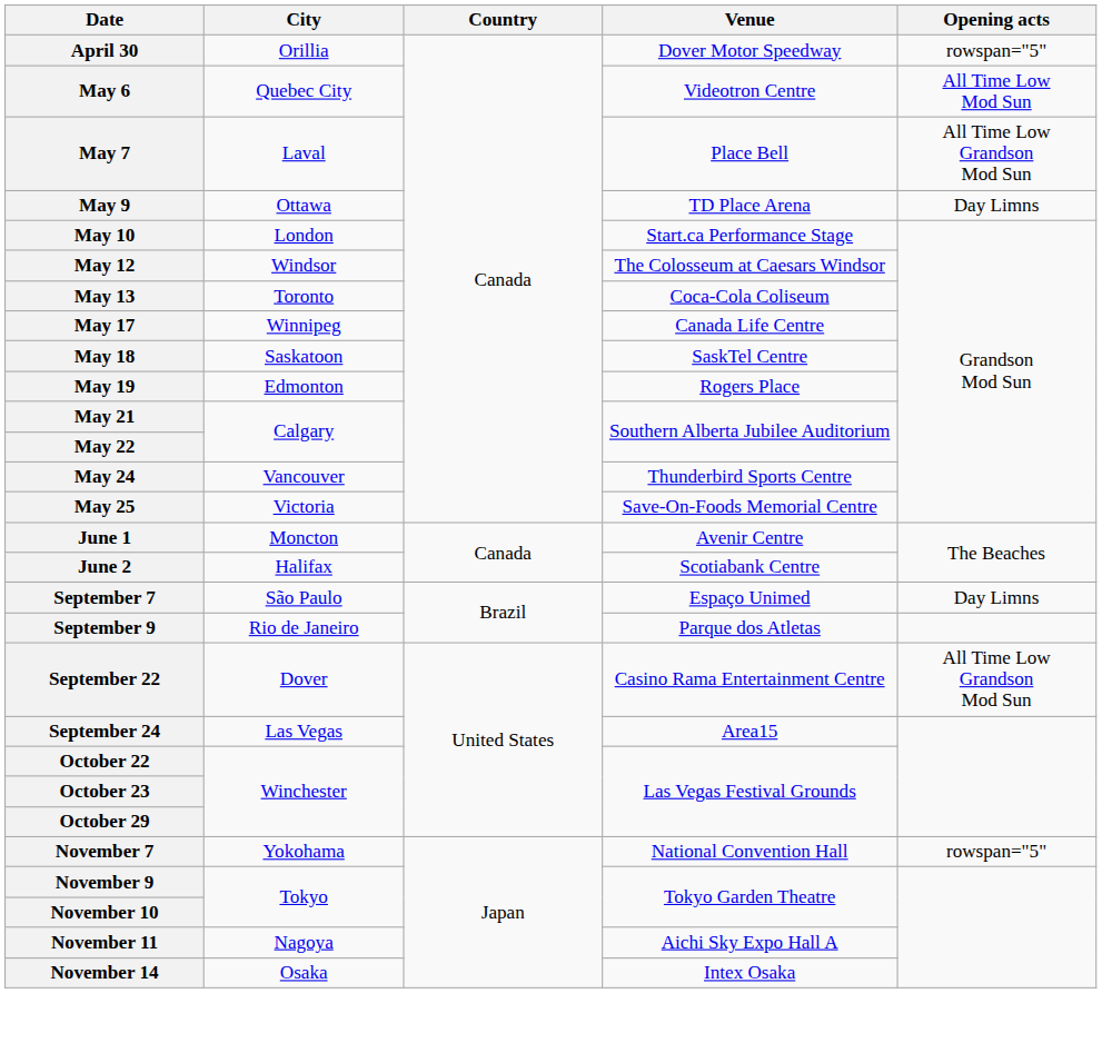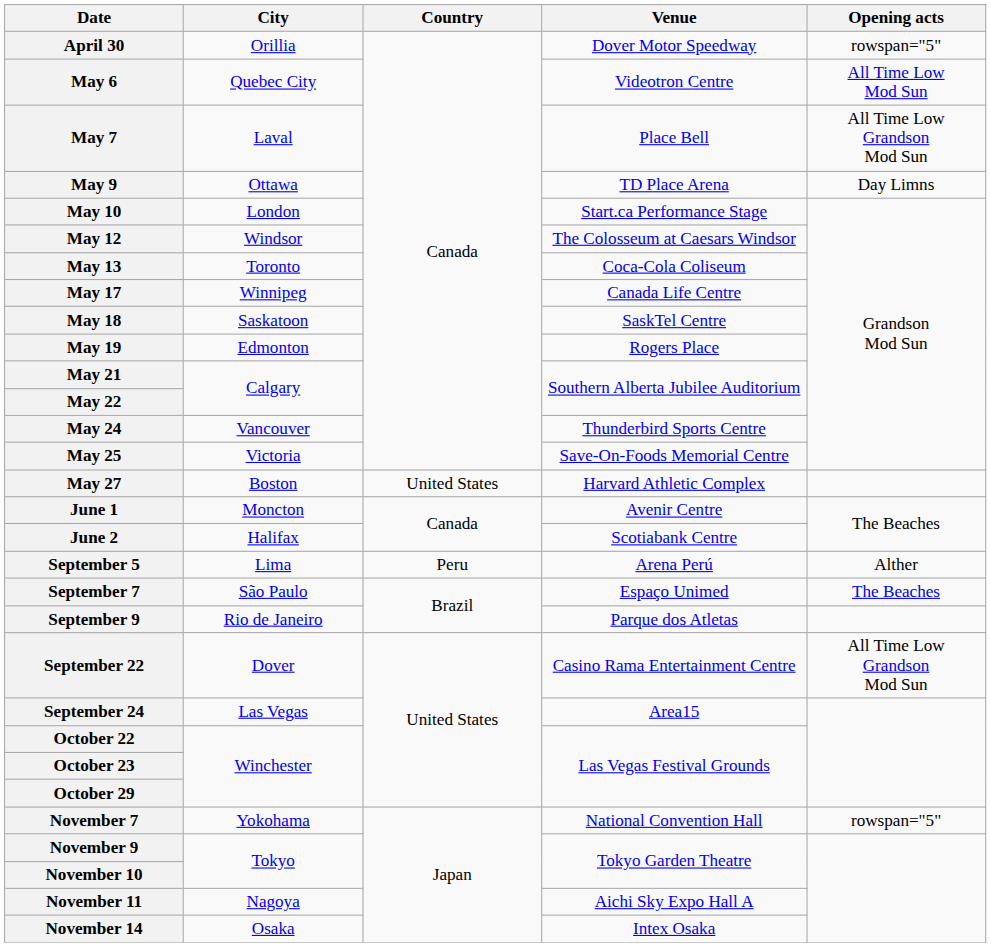 <table class="wikitable plainrowheaders" style="text-align:center;">
 <tr>
 <th scope="col" style="width:10em;">Date</th>
 <th scope="col" style="width:10em;">City</th>
 <th scope="col" style="width:10em;">Country</th>
 <th scope="col" style="width:15em;">Venue</th>
 <th scope="col" style="width:10em;">Opening acts</th>
 </tr>
 <tr>
 <th scope="row" style="text-align:center;">April 30</th>
 <td><a href='#'>Orillia</a></td>
 <td rowspan="14">Canada</td>
 <td><a href='#'>Dover Motor Speedway</a></td>
 <td>rowspan="5" </td>
 </tr>
 <tr>
 <th scope="row" style="text-align:center;">May 6</th>
 <td><a href='#'>Quebec City</a></td>
 <td><a href='#'>Videotron Centre</a></td>
 <td><a href='#'>All Time Low</a> <br><a href='#'>Mod Sun</a></td>
 </tr>
 <tr>
 <th scope="row" style="text-align:center;">May 7</th>
 <td><a href='#'>Laval</a></td>
 <td><a href='#'>Place Bell</a></td>
 <td>All Time Low <br><a href='#'>Grandson</a> <br>Mod Sun</td>
 </tr>
 <tr>
 <th scope="row" style="text-align:center;">May 9</th>
 <td><a href='#'>Ottawa</a></td>
 <td><a href='#'>TD Place Arena</a></td>
 <td>Day Limns</td>
 </tr>
 <tr>
 <th scope="row" style="text-align:center;">May 10</th>
 <td><a href='#'>London</a></td>
 <td><a href='#'>Start.ca Performance Stage</a></td>
 <td rowspan="10">Grandson <br>Mod Sun</td>
 </tr>
 <tr>
 <th scope="row" style="text-align:center;">May 12</th>
 <td><a href='#'>Windsor</a></td>
 <td><a href='#'>The Colosseum at Caesars Windsor</a></td>
 </tr>
 <tr>
 <th scope="row" style="text-align:center;">May 13</th>
 <td><a href='#'>Toronto</a></td>
 <td><a href='#'>Coca-Cola Coliseum</a></td>
 </tr>
 <tr>
 <th scope="row" style="text-align:center;">May 17</th>
 <td><a href='#'>Winnipeg</a></td>
 <td><a href='#'>Canada Life Centre</a></td>
 </tr>
 <tr>
 <th scope="row" style="text-align:center;">May 18</th>
 <td><a href='#'>Saskatoon</a></td>
 <td><a href='#'>SaskTel Centre</a></td>
 </tr>
 <tr>
 <th scope="row" style="text-align:center;">May 19</th>
 <td><a href='#'>Edmonton</a></td>
 <td><a href='#'>Rogers Place</a></td>
 </tr>
 <tr>
 <th scope="row" style="text-align:center;">May 21</th>
 <td rowspan="2"><a href='#'>Calgary</a></td>
 <td rowspan="2"><a href='#'>Southern Alberta Jubilee Auditorium</a></td>
 </tr>
 <tr>
 <th scope="row" style="text-align:center;">May 22</th>
 </tr>
 <tr>
 <th scope="row" style="text-align:center;">May 24</th>
 <td><a href='#'>Vancouver</a></td>
 <td><a href='#'>Thunderbird Sports Centre</a></td>
 </tr>
 <tr>
 <th scope="row" style="text-align:center;">May 25</th>
 <td><a href='#'>Victoria</a></td>
 <td><a href='#'>Save-On-Foods Memorial Centre</a></td>
 </tr>
 <tr>
+<th scope="row" style="text-align:center;">May 27</th>
+<td><a href='#'>Boston</a></td>
+<td>United States</td>
+<td><a href='#'>Harvard Athletic Complex</a></td>
+<td></td>
+</tr>
+<tr>
 <th scope="row" style="text-align:center;">June 1</th>
 <td><a href='#'>Moncton</a></td>
 <td rowspan="2">Canada</td>
 <td><a href='#'>Avenir Centre</a></td>
 <td rowspan="2">The Beaches</td>
 </tr>
 <tr>
 <th scope="row" style="text-align:center;">June 2</th>
 <td><a href='#'>Halifax</a></td>
 <td><a href='#'>Scotiabank Centre</a></td>
 </tr>
 <tr>
+<th scope="row" style="text-align:center;">September 5</th>
+<td><a href='#'>Lima</a></td>
+<td>Peru</td>
+<td><a href='#'>Arena Perú</a></td>
+<td>Alther</td>
+</tr>
+<tr>
 <th scope="row" style="text-align:center;">September 7</th>
 <td><a href='#'>São Paulo</a></td>
 <td rowspan="2">Brazil</td>
 <td><a href='#'>Espaço Unimed</a></td>
-<td>Day Limns</td>
+<td><a href='#'>The Beaches</a></td>
 </tr>
 <tr>
 <th scope="row" style="text-align:center;">September 9</th>
 <td><a href='#'>Rio de Janeiro</a></td>
 <td><a href='#'>Parque dos Atletas</a></td>
 <td></td>
 </tr>
 <tr>
 <th scope="row" style="text-align:center;">September 22</th>
 <td><a href='#'>Dover</a></td>
 <td rowspan="5">United States</td>
 <td><a href='#'>Casino Rama Entertainment Centre</a></td>
 <td>All Time Low <br><a href='#'>Grandson</a> <br>Mod Sun</td>
 </tr>
 <tr>
 <th scope="row" style="text-align:center;">September 24</th>
 <td><a href='#'>Las Vegas</a></td>
 <td><a href='#'>Area15</a></td>
 </tr>
 <tr>
 <th scope="row" style="text-align:center;">October 22</th>
 <td rowspan="3"><a href='#'>Winchester</a></td>
 <td rowspan="3"><a href='#'>Las Vegas Festival Grounds</a></td>
 </tr>
 <tr>
 <th scope="row" style="text-align:center;">October 23</th>
 </tr>
 <tr>
 <th scope="row" style="text-align:center;">October 29</th>
 </tr>
 <tr>
 <th scope="row" style="text-align:center;">November 7</th>
 <td><a href='#'>Yokohama</a></td>
 <td rowspan="5">Japan</td>
 <td><a href='#'>National Convention Hall</a></td>
 <td>rowspan="5" </td>
 </tr>
 <tr>
 <th scope="row" style="text-align:center;">November 9</th>
 <td rowspan="2"><a href='#'>Tokyo</a></td>
 <td rowspan="2"><a href='#'>Tokyo Garden Theatre</a></td>
 </tr>
 <tr>
 <th scope="row" style="text-align:center;">November 10</th>
 </tr>
 <tr>
 <th scope="row" style="text-align:center;">November 11</th>
 <td><a href='#'>Nagoya</a></td>
 <td><a href='#'>Aichi Sky Expo Hall A</a></td>
 </tr>
 <tr>
 <th scope="row" style="text-align:center;">November 14</th>
 <td><a href='#'>Osaka</a></td>
 <td><a href='#'>Intex Osaka</a></td>
 </tr>
 </table>
